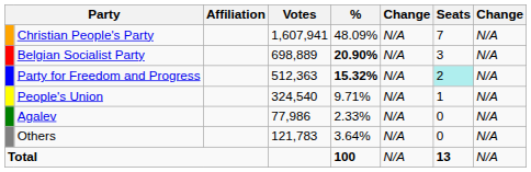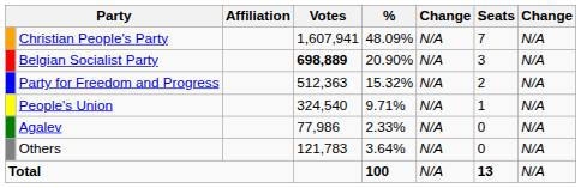 <table class="wikitable">
 <tr>
 <th colspan="2">Party</th>
 <th>Affiliation</th>
 <th>Votes</th>
 <th>%</th>
 <th>Change</th>
 <th>Seats</th>
 <th>Change</th>
 </tr>
 <tr>
 <td style="background-color:orange"> </td>
 <td style="text-align: left"><a href='#'>Christian People's Party</a></td>
 <td></td>
 <td>1,607,941</td>
 <td>48.09%</td>
 <td><em>N/A</em></td>
 <td>7</td>
 <td><em>N/A</em></td>
 </tr>
 <tr>
 <td style="background-color:red"> </td>
 <td style="text-align: left"><a href='#'>Belgian Socialist Party</a></td>
 <td></td>
-<td>698,889</td>
-<td><strong>20.90%</strong></td>
+<td><strong>698,889</strong></td>
+<td>20.90%</td>
 <td><em>N/A</em></td>
 <td>3</td>
 <td><em>N/A</em></td>
 </tr>
 <tr>
 <td style="background-color:blue"> </td>
 <td style="text-align: left"><a href='#'>Party for Freedom and Progress</a></td>
 <td></td>
 <td>512,363</td>
-<td><strong>15.32%</strong></td>
+<td>15.32%</td>
 <td><em>N/A</em></td>
-<td style="background: paleturquoise;">2</td>
+<td>2</td>
 <td><em>N/A</em></td>
 </tr>
 <tr>
 <td style="background-color:yellow"> </td>
 <td style="text-align: left"><a href='#'>People's Union</a></td>
 <td></td>
 <td>324,540</td>
 <td>9.71%</td>
 <td><em>N/A</em></td>
 <td>1</td>
 <td><em>N/A</em></td>
 </tr>
 <tr>
 <td style="background-color:green"> </td>
 <td style="text-align: left"><a href='#'>Agalev</a></td>
 <td></td>
 <td>77,986</td>
 <td>2.33%</td>
 <td><em>N/A</em></td>
 <td>0</td>
 <td><em>N/A</em></td>
 </tr>
 <tr>
 <td style="background-color:grey"> </td>
 <td style="text-align: left">Others</td>
 <td></td>
 <td>121,783</td>
 <td>3.64%</td>
 <td><em>N/A</em></td>
 <td>0</td>
 <td><em>N/A</em></td>
 </tr>
 <tr>
 <td colspan="3"><strong>Total</strong></td>
 <td></td>
 <td><strong>100</strong></td>
 <td><em>N/A</em></td>
 <td><strong>13</strong></td>
 <td><em>N/A</em></td>
 </tr>
 </table>
